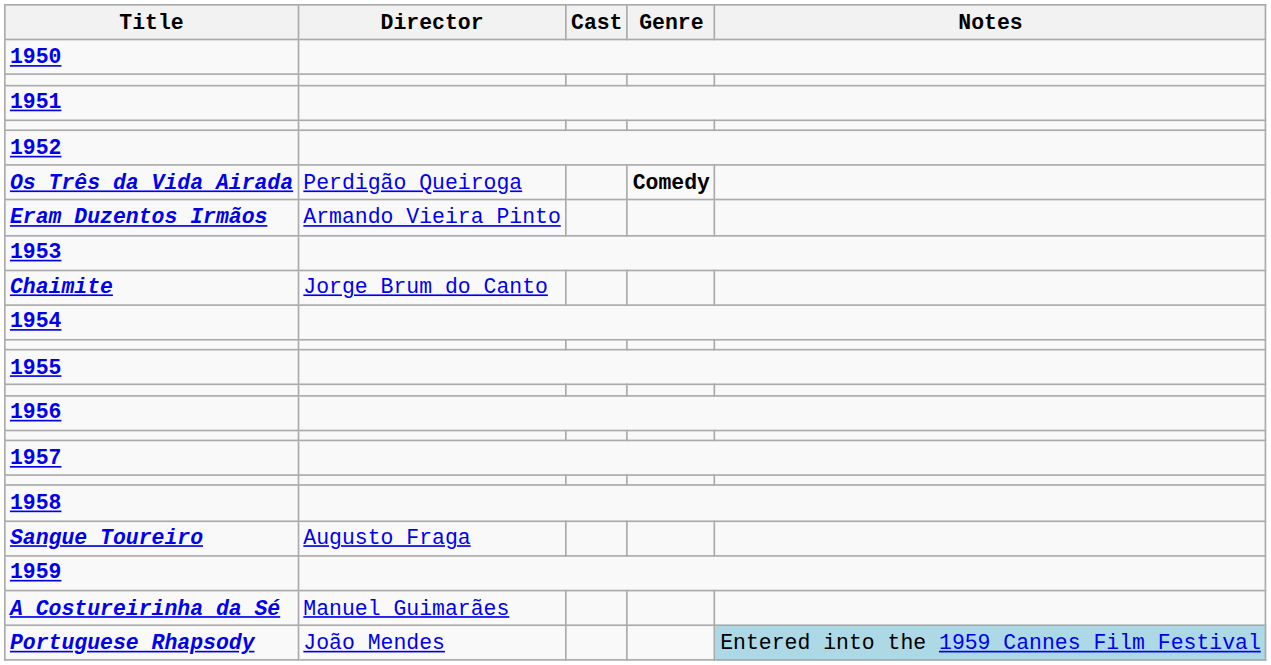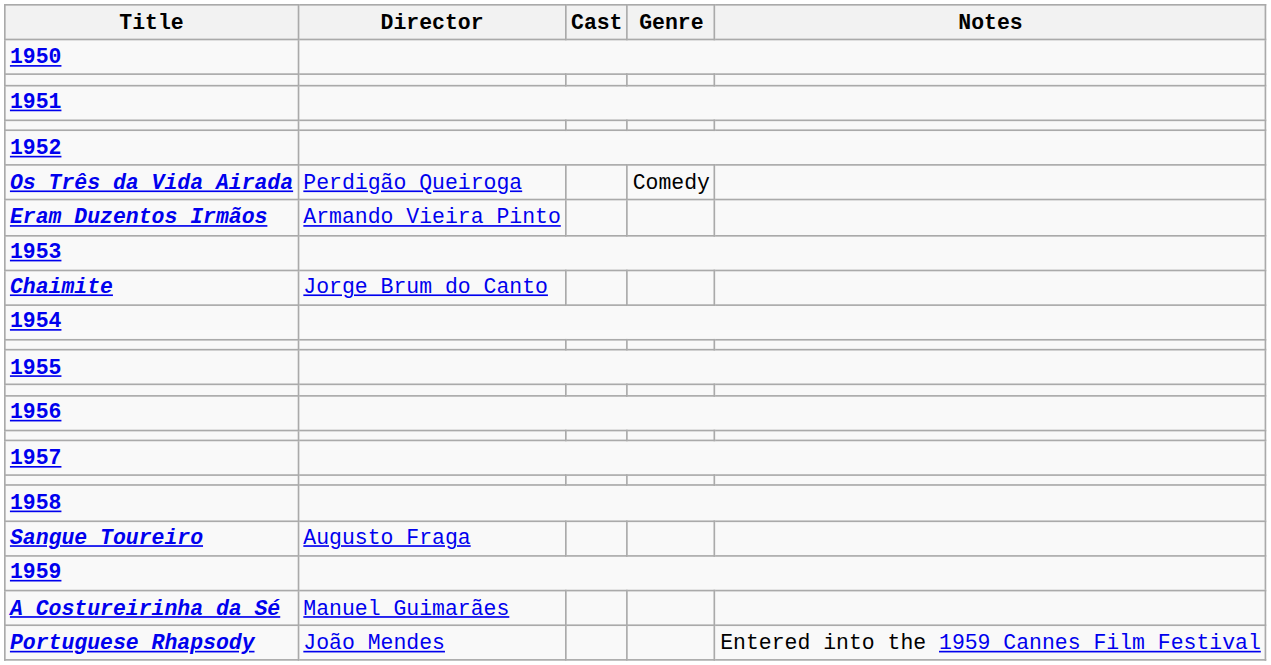 <table class="wikitable">
 <tr>
 <th>Title</th>
 <th>Director</th>
 <th>Cast</th>
 <th>Genre</th>
 <th>Notes</th>
 </tr>
 <tr>
 <td><strong><a href='#'>1950</a></strong></td>
 </tr>
 <tr>
 <td><strong><em></em></strong></td>
 <td></td>
 <td></td>
 <td></td>
 <td></td>
 </tr>
 <tr>
 <td><strong><a href='#'>1951</a></strong></td>
 </tr>
 <tr>
 <td><strong><em></em></strong></td>
 <td></td>
 <td></td>
 <td></td>
 <td></td>
 </tr>
 <tr>
 <td><strong><a href='#'>1952</a></strong></td>
 </tr>
 <tr>
 <td><strong><em><a href='#'>Os Três da Vida Airada</a></em></strong></td>
 <td><a href='#'>Perdigão Queiroga</a></td>
 <td></td>
-<td><strong>Comedy</strong></td>
+<td>Comedy</td>
 <td></td>
 </tr>
 <tr>
 <td><strong><em><a href='#'>Eram Duzentos Irmãos</a></em></strong></td>
 <td><a href='#'>Armando Vieira Pinto</a></td>
 <td></td>
 <td></td>
 <td></td>
 </tr>
 <tr>
 <td><strong><a href='#'>1953</a></strong></td>
 </tr>
 <tr>
 <td><strong><em><a href='#'>Chaimite</a></em></strong></td>
 <td><a href='#'>Jorge Brum do Canto</a></td>
 <td></td>
 <td></td>
 <td></td>
 </tr>
 <tr>
 <td><strong><a href='#'>1954</a></strong></td>
 </tr>
 <tr>
 <td><strong><em></em></strong></td>
 <td></td>
 <td></td>
 <td></td>
 <td></td>
 </tr>
 <tr>
 <td><strong><a href='#'>1955</a></strong></td>
 </tr>
 <tr>
 <td><strong><em></em></strong></td>
 <td></td>
 <td></td>
 <td></td>
 <td></td>
 </tr>
 <tr>
 <td><strong><a href='#'>1956</a></strong></td>
 </tr>
 <tr>
 <td><strong><em></em></strong></td>
 <td></td>
 <td></td>
 <td></td>
 <td></td>
 </tr>
 <tr>
 <td><strong><a href='#'>1957</a></strong></td>
 </tr>
 <tr>
 <td><strong><em></em></strong></td>
 <td></td>
 <td></td>
 <td></td>
 <td></td>
 </tr>
 <tr>
 <td><strong><a href='#'>1958</a></strong></td>
 </tr>
 <tr>
 <td><strong><em><a href='#'>Sangue Toureiro</a></em></strong></td>
 <td><a href='#'>Augusto Fraga</a></td>
 <td></td>
 <td></td>
 <td></td>
 </tr>
 <tr>
 <td><strong><a href='#'>1959</a></strong></td>
 </tr>
 <tr>
 <td><strong><em><a href='#'>A Costureirinha da Sé</a></em></strong></td>
 <td><a href='#'>Manuel Guimarães</a></td>
 <td></td>
 <td></td>
 <td></td>
 </tr>
 <tr>
 <td><strong><em><a href='#'>Portuguese Rhapsody</a></em></strong></td>
 <td><a href='#'>João Mendes</a></td>
 <td></td>
 <td></td>
-<td style="background: lightblue;">Entered into the <a href='#'>1959 Cannes Film Festival</a></td>
+<td>Entered into the <a href='#'>1959 Cannes Film Festival</a></td>
 </tr>
 </table>
